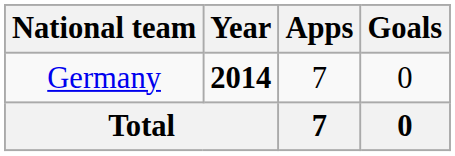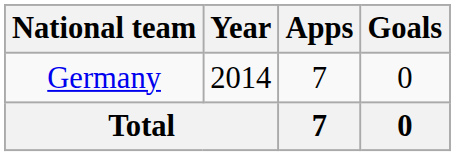 <table class="wikitable" style="text-align:center">
 <tr>
 <th>National team</th>
 <th>Year</th>
 <th>Apps</th>
 <th>Goals</th>
 </tr>
 <tr>
 <td><a href='#'>Germany</a></td>
-<td><strong>2014</strong></td>
+<td>2014</td>
 <td>7</td>
 <td>0</td>
 </tr>
 <tr>
 <th colspan="2">Total</th>
 <th>7</th>
 <th>0</th>
 </tr>
 </table>
